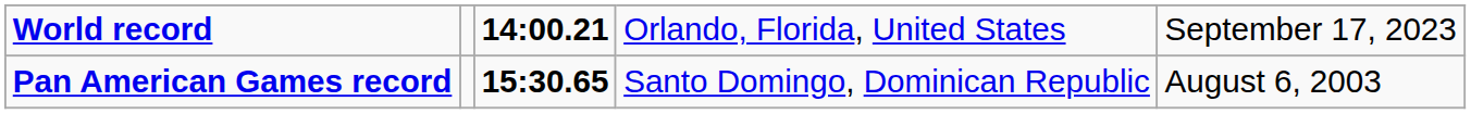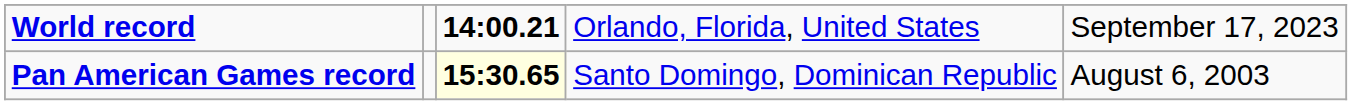 <table class="wikitable">
 <tr>
 <td><strong><a href='#'>World record</a></strong></td>
 <td></td>
 <td><strong>14:00.21</strong></td>
 <td><a href='#'>Orlando, Florida</a>, <a href='#'>United States</a></td>
 <td>September 17, 2023</td>
 </tr>
 <tr>
 <td><strong><a href='#'>Pan American Games record</a></strong></td>
 <td></td>
-<td><strong>15:30.65</strong></td>
+<td style="background: lightyellow;"><strong>15:30.65</strong></td>
 <td><a href='#'>Santo Domingo</a>, <a href='#'>Dominican Republic</a></td>
 <td>August 6, 2003</td>
 </tr>
 </table>
